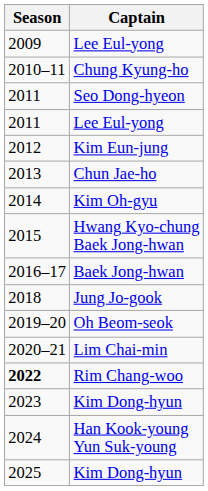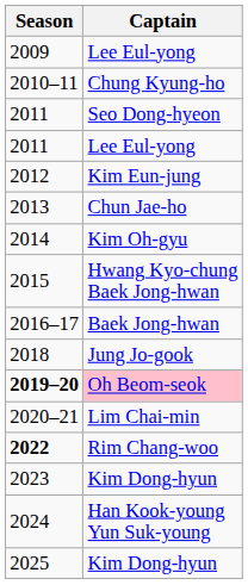 <table class="wikitable">
 <tr>
 <th>Season</th>
 <th>Captain</th>
 </tr>
 <tr>
 <td>2009</td>
 <td> <a href='#'>Lee Eul-yong</a></td>
 </tr>
 <tr>
 <td>2010–11</td>
 <td> <a href='#'>Chung Kyung-ho</a></td>
 </tr>
 <tr>
 <td>2011</td>
 <td> <a href='#'>Seo Dong-hyeon</a></td>
 </tr>
 <tr>
 <td>2011</td>
 <td> <a href='#'>Lee Eul-yong</a></td>
 </tr>
 <tr>
 <td>2012</td>
 <td> <a href='#'>Kim Eun-jung</a></td>
 </tr>
 <tr>
 <td>2013</td>
 <td> <a href='#'>Chun Jae-ho</a></td>
 </tr>
 <tr>
 <td>2014</td>
 <td> <a href='#'>Kim Oh-gyu</a></td>
 </tr>
 <tr>
 <td>2015</td>
 <td> <a href='#'>Hwang Kyo-chung</a><br> <a href='#'>Baek Jong-hwan</a></td>
 </tr>
 <tr>
 <td>2016–17</td>
 <td> <a href='#'>Baek Jong-hwan</a></td>
 </tr>
 <tr>
 <td>2018</td>
 <td> <a href='#'>Jung Jo-gook</a></td>
 </tr>
 <tr>
-<td>2019–20</td>
-<td> <a href='#'>Oh Beom-seok</a></td>
+<td><strong>2019–20</strong></td>
+<td style="background: pink;"> <a href='#'>Oh Beom-seok</a></td>
 </tr>
 <tr>
 <td>2020–21</td>
 <td> <a href='#'>Lim Chai-min</a></td>
 </tr>
 <tr>
 <td><strong>2022</strong></td>
 <td> <a href='#'>Rim Chang-woo</a></td>
 </tr>
 <tr>
 <td>2023</td>
 <td> <a href='#'>Kim Dong-hyun</a></td>
 </tr>
 <tr>
 <td>2024</td>
 <td> <a href='#'>Han Kook-young</a><br> <a href='#'>Yun Suk-young</a></td>
 </tr>
 <tr>
 <td>2025</td>
 <td> <a href='#'>Kim Dong-hyun</a></td>
 </tr>
 </table>
